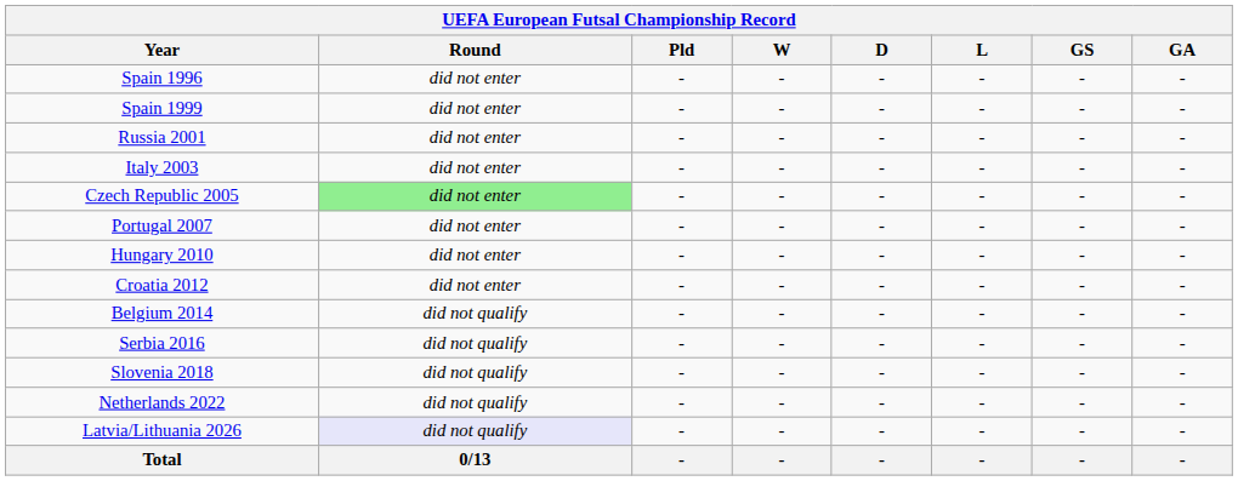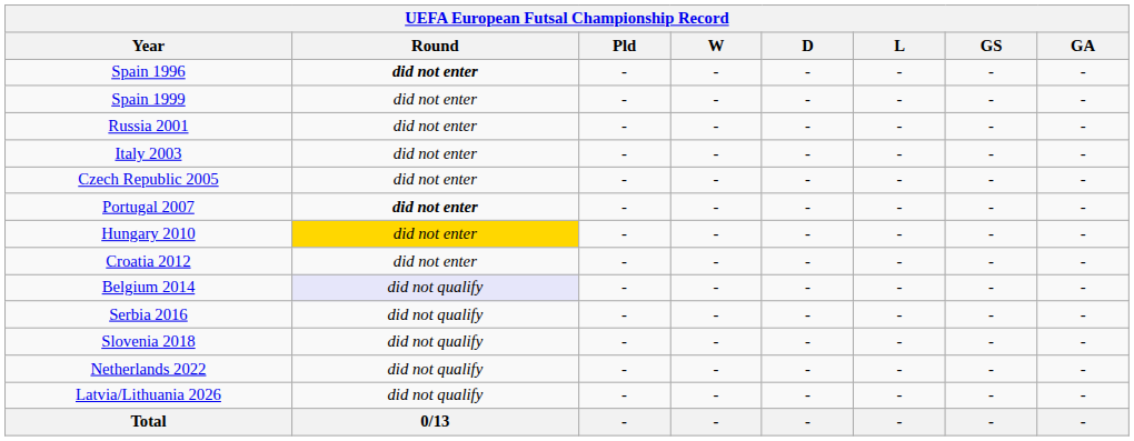 <table class="wikitable" width=50% style="text-align: center;font-size:90%;">
 <tr>
 <th colspan=9><a href='#'>UEFA European Futsal Championship Record</a></th>
 </tr>
 <tr>
 <th width=25%>Year</th>
 <th width=25%>Round</th>
 <th width=8%>Pld</th>
 <th width=8%>W</th>
 <th width=8%>D</th>
 <th width=8%>L</th>
 <th width=8%>GS</th>
 <th width=8%>GA</th>
 </tr>
 <tr>
 <td><a href='#'>Spain 1996</a></td>
-<td><em>did not enter</em></td>
+<td><strong><em>did not enter</em></strong></td>
 <td>-</td>
 <td>-</td>
 <td>-</td>
 <td>-</td>
 <td>-</td>
 <td>-</td>
 </tr>
 <tr>
 <td><a href='#'>Spain 1999</a></td>
 <td><em>did not enter</em></td>
 <td>-</td>
 <td>-</td>
 <td>-</td>
 <td>-</td>
 <td>-</td>
 <td>-</td>
 </tr>
 <tr>
 <td><a href='#'>Russia 2001</a></td>
 <td><em>did not enter</em></td>
 <td>-</td>
 <td>-</td>
 <td>-</td>
 <td>-</td>
 <td>-</td>
 <td>-</td>
 </tr>
 <tr>
 <td><a href='#'>Italy 2003</a></td>
 <td><em>did not enter</em></td>
 <td>-</td>
 <td>-</td>
 <td>-</td>
 <td>-</td>
 <td>-</td>
 <td>-</td>
 </tr>
 <tr>
 <td><a href='#'>Czech Republic 2005</a></td>
-<td style="background: lightgreen;"><em>did not enter</em></td>
+<td><em>did not enter</em></td>
 <td>-</td>
 <td>-</td>
 <td>-</td>
 <td>-</td>
 <td>-</td>
 <td>-</td>
 </tr>
 <tr>
 <td><a href='#'>Portugal 2007</a></td>
-<td><em>did not enter</em></td>
+<td><strong><em>did not enter</em></strong></td>
 <td>-</td>
 <td>-</td>
 <td>-</td>
 <td>-</td>
 <td>-</td>
 <td>-</td>
 </tr>
 <tr>
 <td><a href='#'>Hungary 2010</a></td>
-<td><em>did not enter</em></td>
+<td style="background: gold;"><em>did not enter</em></td>
 <td>-</td>
 <td>-</td>
 <td>-</td>
 <td>-</td>
 <td>-</td>
 <td>-</td>
 </tr>
 <tr>
 <td><a href='#'>Croatia 2012</a></td>
 <td><em>did not enter</em></td>
 <td>-</td>
 <td>-</td>
 <td>-</td>
 <td>-</td>
 <td>-</td>
 <td>-</td>
 </tr>
 <tr>
 <td><a href='#'>Belgium 2014</a></td>
-<td><em>did not qualify</em></td>
+<td style="background: lavender;"><em>did not qualify</em></td>
 <td>-</td>
 <td>-</td>
 <td>-</td>
 <td>-</td>
 <td>-</td>
 <td>-</td>
 </tr>
 <tr>
 <td><a href='#'>Serbia 2016</a></td>
 <td><em>did not qualify</em></td>
 <td>-</td>
 <td>-</td>
 <td>-</td>
 <td>-</td>
 <td>-</td>
 <td>-</td>
 </tr>
 <tr>
 <td><a href='#'>Slovenia 2018</a></td>
 <td><em>did not qualify</em></td>
 <td>-</td>
 <td>-</td>
 <td>-</td>
 <td>-</td>
 <td>-</td>
 <td>-</td>
 </tr>
 <tr>
 <td><a href='#'>Netherlands 2022</a></td>
 <td><em>did not qualify</em></td>
 <td>-</td>
 <td>-</td>
 <td>-</td>
 <td>-</td>
 <td>-</td>
 <td>-</td>
 </tr>
 <tr>
 <td><a href='#'>Latvia/Lithuania 2026</a></td>
-<td style="background: lavender;"><em>did not qualify</em></td>
+<td><em>did not qualify</em></td>
 <td>-</td>
 <td>-</td>
 <td>-</td>
 <td>-</td>
 <td>-</td>
 <td>-</td>
 </tr>
 <tr>
 <th><strong>Total</strong></th>
 <th>0/13</th>
 <th>-</th>
 <th>-</th>
 <th>-</th>
 <th>-</th>
 <th>-</th>
 <th>-</th>
 </tr>
 </table>
